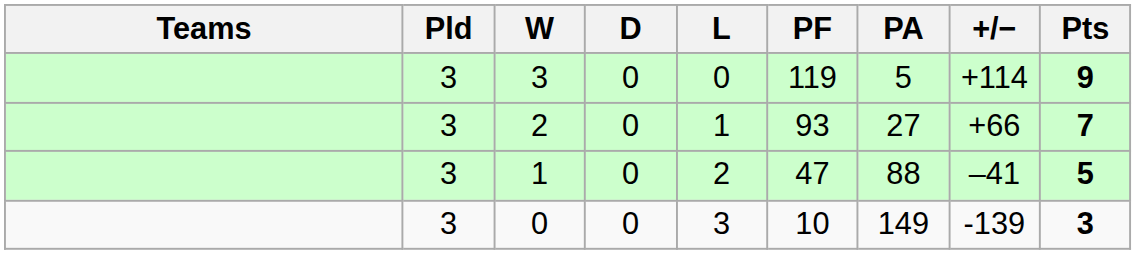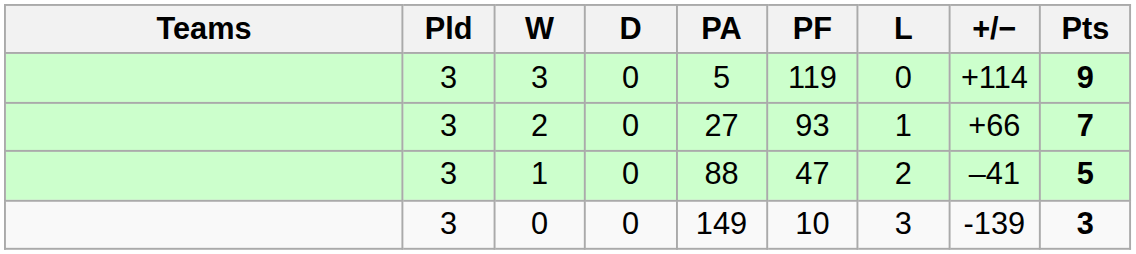 <table class="wikitable" style="text-align: center;">
 <tr>
 <th width="200">Teams</th>
 <th width="40">Pld</th>
 <th width="40">W</th>
 <th width="40">D</th>
+<th width="40">PA</th>
+<th width="40">PF</th>
 <th width="40">L</th>
-<th width="40">PF</th>
-<th width="40">PA</th>
 <th width="40">+/−</th>
 <th width="40">Pts</th>
 </tr>
 <tr style="background:#cfc; width:20px;">
 <td align=left></td>
 <td>3</td>
 <td>3</td>
 <td>0</td>
+<td>5</td>
+<td>119</td>
 <td>0</td>
-<td>119</td>
-<td>5</td>
 <td>+114</td>
 <td><strong>9</strong></td>
 </tr>
 <tr style="background:#cfc; width:20px;">
 <td align=left></td>
 <td>3</td>
 <td>2</td>
 <td>0</td>
+<td>27</td>
+<td>93</td>
 <td>1</td>
-<td>93</td>
-<td>27</td>
 <td>+66</td>
 <td><strong>7</strong></td>
 </tr>
 <tr style="background:#cfc; width:20px;">
 <td align=left></td>
 <td>3</td>
 <td>1</td>
 <td>0</td>
+<td>88</td>
+<td>47</td>
 <td>2</td>
-<td>47</td>
-<td>88</td>
 <td>–41</td>
 <td><strong>5</strong></td>
 </tr>
 <tr>
 <td align=left></td>
 <td>3</td>
 <td>0</td>
 <td>0</td>
+<td>149</td>
+<td>10</td>
 <td>3</td>
-<td>10</td>
-<td>149</td>
 <td>-139</td>
 <td><strong>3</strong></td>
 </tr>
 </table>
